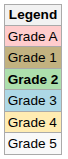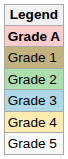 <table class="wikitable" style=font-size:85%>
 <tr>
 <th>Legend</th>
 </tr>
 <tr bgcolor="#ffcccc">
-<td>Grade A</td>
+<td><strong>Grade A</strong></td>
 </tr>
 <tr bgcolor=#C2B280>
 <td>Grade 1</td>
 </tr>
 <tr bgcolor="#ADDFAD">
-<td><strong>Grade 2</strong></td>
+<td>Grade 2</td>
 </tr>
 <tr bgcolor="lightblue">
 <td>Grade 3</td>
 </tr>
 <tr bgcolor=#ffecb2>
 <td>Grade 4</td>
 </tr>
 <tr>
 <td>Grade 5</td>
 </tr>
 </table>
